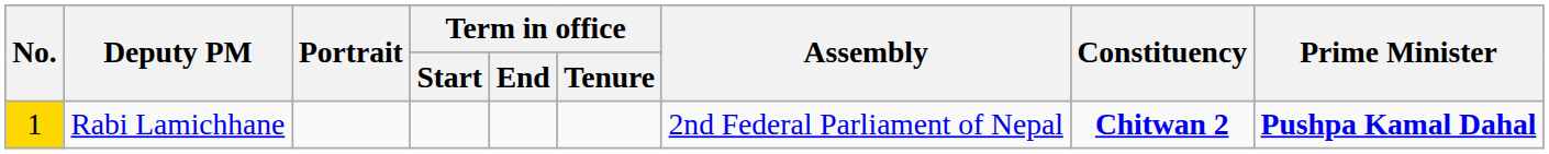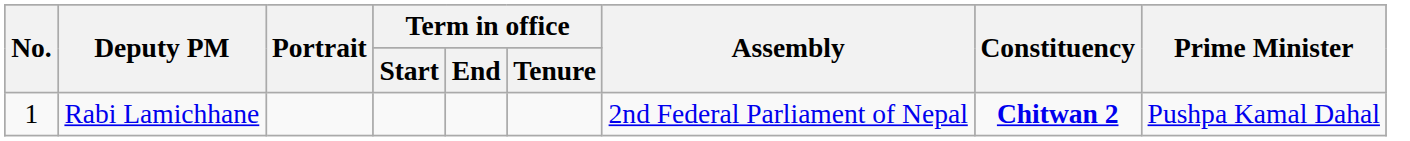 <table class="wikitable sortable" style="text-align: center;">
 <tr>
 <th rowspan="2" style="background:">No.</th>
 <th rowspan="2" style="background:">Deputy PM</th>
 <th rowspan="2" style="background:">Portrait</th>
 <th colspan="3" style="background:">Term in office</th>
 <th rowspan="2" style="background:">Assembly</th>
 <th rowspan="2" style="background:">Constituency</th>
 <th rowspan="2" style="background:">Prime Minister</th>
 </tr>
 <tr>
 <th style="background:">Start</th>
 <th style="background:">End</th>
 <th style="background:">Tenure</th>
 </tr>
 <tr>
-<td style="background: gold;">1</td>
+<td>1</td>
 <td><a href='#'>Rabi Lamichhane</a></td>
 <td></td>
 <td></td>
 <td></td>
 <td></td>
 <td><a href='#'>2nd Federal Parliament of Nepal</a></td>
 <td><strong><a href='#'>Chitwan 2</a></strong></td>
-<td><strong><a href='#'>Pushpa Kamal Dahal</a></strong></td>
+<td><a href='#'>Pushpa Kamal Dahal</a></td>
 </tr>
 </table>
